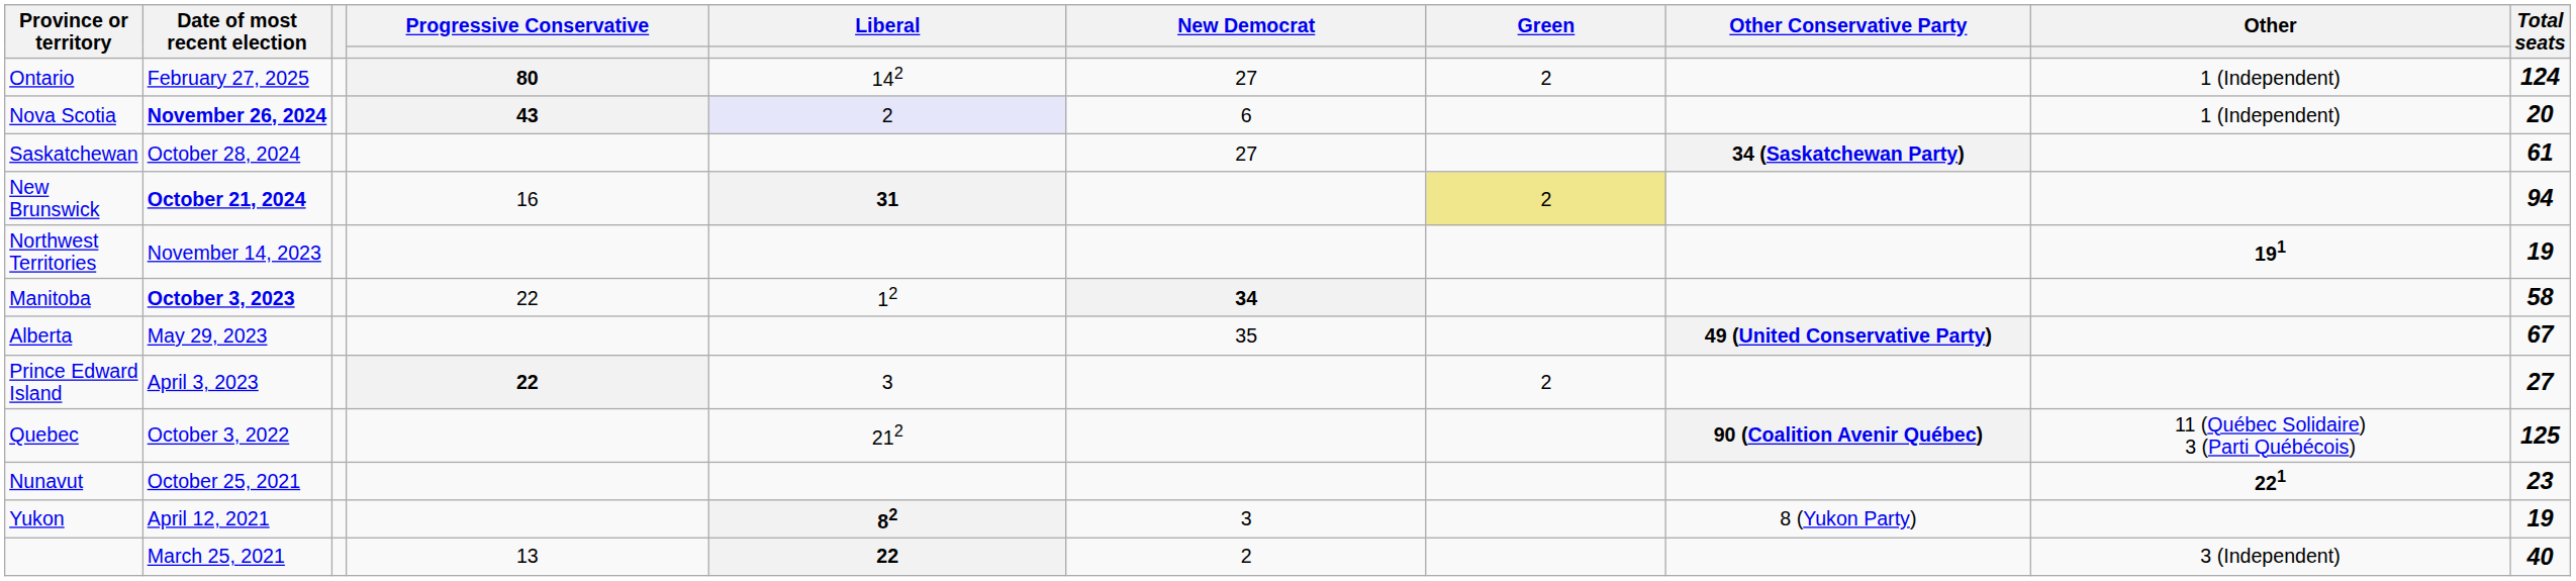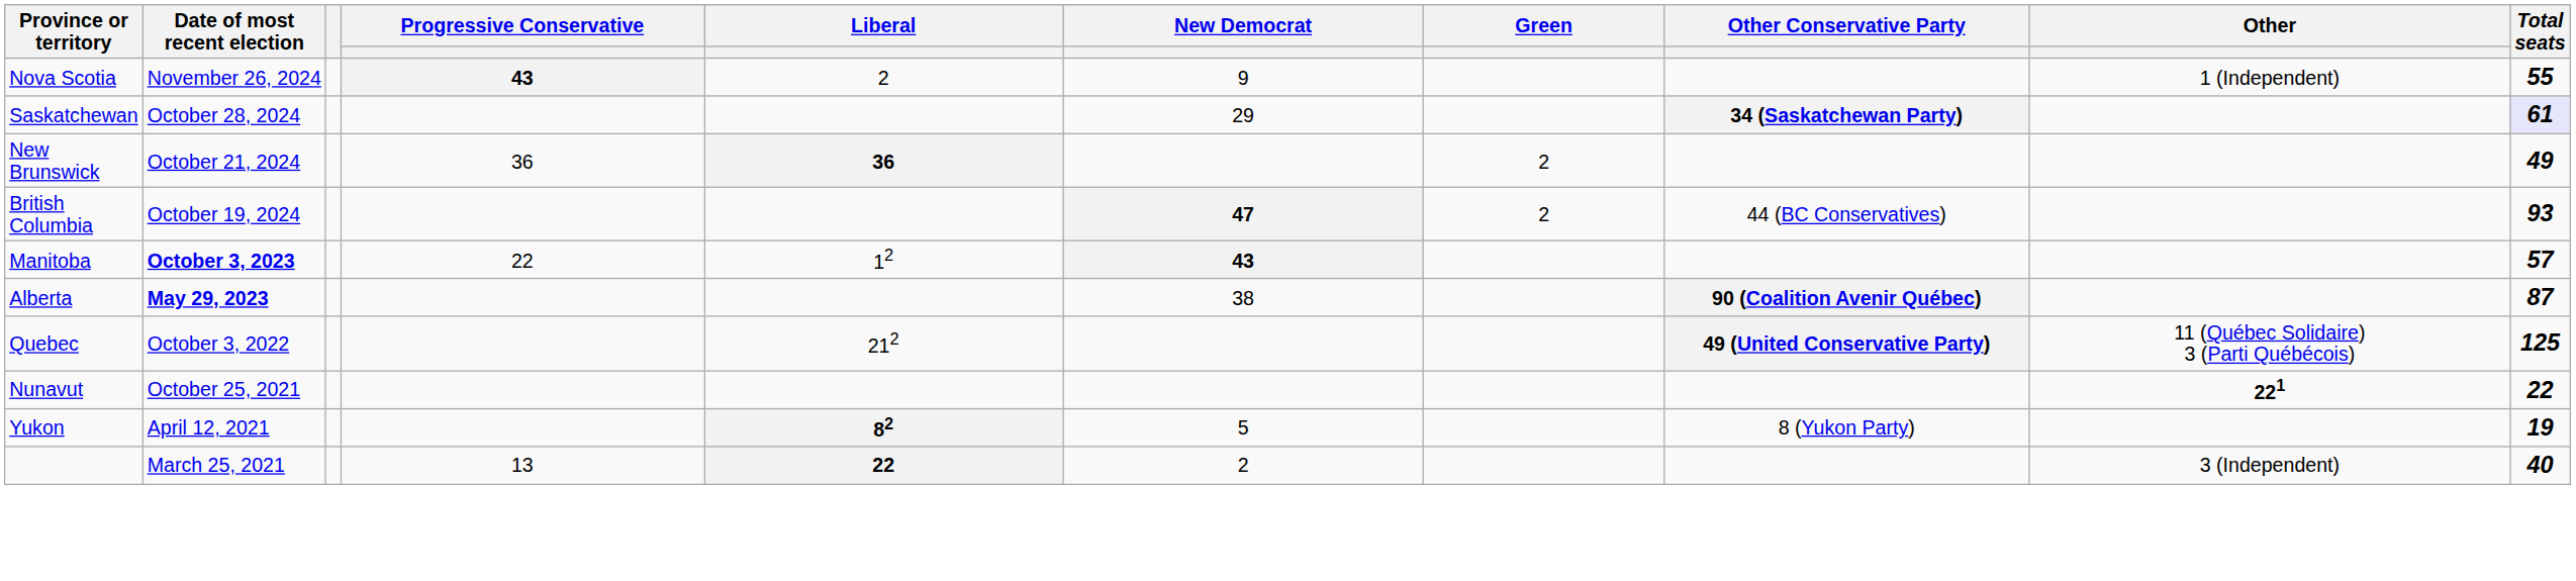 <table class="wikitable sortable" style="font-size:95%;">
 <tr style="background:#ccc;">
 <th rowspan=2>Province or territory</th>
 <th rowspan=2>Date of most recent election</th>
 <th rowspan=2></th>
 <th class="unsortable"><a href='#'>Progressive Conservative</a></th>
 <th class="unsortable"><a href='#'>Liberal</a></th>
 <th class="unsortable"><a href='#'>New Democrat</a></th>
 <th class="unsortable"><a href='#'>Green</a></th>
 <th class="unsortable"><a href='#'>Other Conservative Party</a></th>
 <th class="unsortable">Other</th>
 <th rowspan=2><strong><em>Total seats</em></strong></th>
 </tr>
 <tr>
 <th width=15% style="background-color:"></th>
 <th width=15% style="background-color:"></th>
 <th width=15% style="background-color:"></th>
 <th width=10% style="background-color:"></th>
 <th width=15% style="background-color:"></th>
 <th width=20% style="background-color:"></th>
 </tr>
 <tr>
-<td><a href='#'>Ontario</a></td>
-<td nowrap data-sort-value="2025-02-27"><a href='#'>February 27, 2025</a></td>
-<td> </td>
-<th align=center>80</th>
-<td align=center>14<sup>2</sup></td>
-<td align=center>27</td>
-<td align=center>2</td>
-<td></td>
-<td align=center>1 (Independent)</td>
-<td align=center><strong><big><em>124</em></big></strong></td>
-</tr>
-<tr>
 <td><a href='#'>Nova Scotia</a></td>
-<td nowrap data-sort-value="2024-11-26"><strong><a href='#'>November 26, 2024</a></strong></td>
+<td nowrap data-sort-value="2024-11-26"><a href='#'>November 26, 2024</a></td>
 <td> </td>
 <th align=center>43</th>
-<td align=center style="background: lavender;">2</td>
-<td align=center>6</td>
+<td align=center>2</td>
+<td align=center>9</td>
 <td></td>
 <td> </td>
 <td align=center>1 (Independent)</td>
-<td align=center><strong><big><em>20</em></big></strong></td>
+<td align=center><strong><big><em>55</em></big></strong></td>
 </tr>
 <tr>
 <td><a href='#'>Saskatchewan</a></td>
 <td nowrap data-sort-value="2024-10-28"><a href='#'>October 28, 2024</a></td>
 <td> </td>
 <td> </td>
 <td> </td>
-<td align=center>27</td>
+<td align=center>29</td>
 <td> </td>
 <th align=center>34 (<a href='#'>Saskatchewan Party</a>)</th>
 <td></td>
-<td align=center><strong><big><em>61</em></big></strong></td>
+<td align=center style="background: lavender;"><strong><big><em>61</em></big></strong></td>
 </tr>
 <tr>
 <td><a href='#'>New Brunswick</a></td>
-<td nowrap data-sort-value="2024-10-21"><strong><a href='#'>October 21, 2024</a></strong></td>
+<td nowrap data-sort-value="2024-10-21"><a href='#'>October 21, 2024</a></td>
 <td> </td>
-<td align=center>16</td>
-<th align=center>31</th>
+<td align=center>36</td>
+<th align=center>36</th>
 <td> </td>
-<td align=center style="background: khaki;">2</td>
+<td align=center>2</td>
 <td> </td>
 <td></td>
-<td align=center><strong><big><em>94</em></big></strong></td>
+<td align=center><strong><big><em>49</em></big></strong></td>
 </tr>
 <tr>
-<td><a href='#'>Northwest Territories</a></td>
-<td nowrap data-sort-value="2023-11-14"><a href='#'>November 14, 2023</a></td>
+<td><a href='#'>British Columbia</a></td>
+<td nowrap data-sort-value="2024-10-19"><a href='#'>October 19, 2024</a></td>
 <td> </td>
 <td> </td>
-<td> </td>
-<td> </td>
-<td> </td>
+<td align=center></td>
+<th align=center>47</th>
+<td align=center>2</td>
+<td align=center>44 (<a href='#'>BC Conservatives</a>)</td>
 <td></td>
-<td align=center><strong>19<sup>1</sup></strong></td>
-<td align=center><strong><big><em>19</em></big></strong></td>
+<td align=center><strong><big><em>93</em></big></strong></td>
 </tr>
 <tr>
 <td><a href='#'>Manitoba</a></td>
 <td nowrap data-sort-value="2023-10-03"><strong><a href='#'>October 3, 2023</a></strong></td>
 <td> </td>
 <td align=center>22</td>
 <td align=center>1<sup>2</sup></td>
-<th align=center>34</th>
+<th align=center>43</th>
 <td align=center></td>
 <td></td>
 <td> </td>
-<td align=center><strong><big><em>58</em></big></strong></td>
+<td align=center><strong><big><em>57</em></big></strong></td>
 </tr>
 <tr>
 <td><a href='#'>Alberta</a></td>
-<td nowrap data-sort-value="2023-05-29"><a href='#'>May 29, 2023</a></td>
+<td nowrap data-sort-value="2023-05-29"><strong><a href='#'>May 29, 2023</a></strong></td>
 <td> </td>
 <td align=center></td>
 <td align=center></td>
-<td align=center>35</td>
+<td align=center>38</td>
 <td> </td>
-<th align=center>49 (<a href='#'>United Conservative Party</a>)</th>
+<th align=center>90 (<a href='#'>Coalition Avenir Québec</a>)</th>
 <td></td>
-<td align=center><strong><big><em>67</em></big></strong></td>
-</tr>
-<tr>
-<td><a href='#'>Prince Edward Island</a></td>
-<td nowrap data-sort-value="2023-04-03"><a href='#'>April 3, 2023</a></td>
-<td> </td>
-<th align="center">22</th>
-<td align="center">3</td>
-<td> </td>
-<td align=center>2</td>
-<td> </td>
-<td></td>
-<td align=center><strong><big><em>27</em></big></strong></td>
+<td align=center><strong><big><em>87</em></big></strong></td>
 </tr>
 <tr>
 <td><a href='#'>Quebec</a></td>
 <td nowrap data-sort-value="2022-10-03"><a href='#'>October 3, 2022</a></td>
 <td> </td>
 <td> </td>
 <td align=center>21<sup>2</sup></td>
 <td> </td>
 <td> </td>
-<th align=center>90 (<a href='#'>Coalition Avenir Québec</a>)</th>
+<th align=center>49 (<a href='#'>United Conservative Party</a>)</th>
 <td align=center>11 (<a href='#'>Québec Solidaire</a>)<br>3 (<a href='#'>Parti Québécois</a>)</td>
 <td align=center><strong><big><em>125</em></big></strong></td>
 </tr>
 <tr>
 <td><a href='#'>Nunavut</a></td>
 <td nowrap data-sort-value="2021-10-25"><a href='#'>October 25, 2021</a></td>
 <td> </td>
 <td> </td>
 <td> </td>
 <td> </td>
 <td> </td>
 <td></td>
 <td align=center><strong>22<sup>1</sup></strong></td>
-<td align=center><strong><big><em>23</em></big></strong></td>
+<td align=center><strong><big><em>22</em></big></strong></td>
 </tr>
 <tr>
 <td><a href='#'>Yukon</a></td>
 <td nowrap data-sort-value="2021-04-12"><a href='#'>April 12, 2021</a></td>
 <td> </td>
 <td> </td>
 <th align=center>8<sup>2</sup></th>
-<td align=center>3</td>
+<td align=center>5</td>
 <td> </td>
 <td align=center>8 (<a href='#'>Yukon Party</a>)</td>
 <td align=center></td>
 <td align=center><strong><big><em>19</em></big></strong></td>
 </tr>
 <tr>
 <td><a href='#'></a></td>
 <td nowrap data-sort-value="2021-03-25"><a href='#'>March 25, 2021</a></td>
 <td> </td>
 <td align=center>13</td>
 <th align=center>22</th>
 <td align=center>2</td>
 <td></td>
 <td> </td>
 <td align=center>3 (Independent)</td>
 <td align=center><strong><big><em>40</em></big></strong></td>
 </tr>
 </table>
